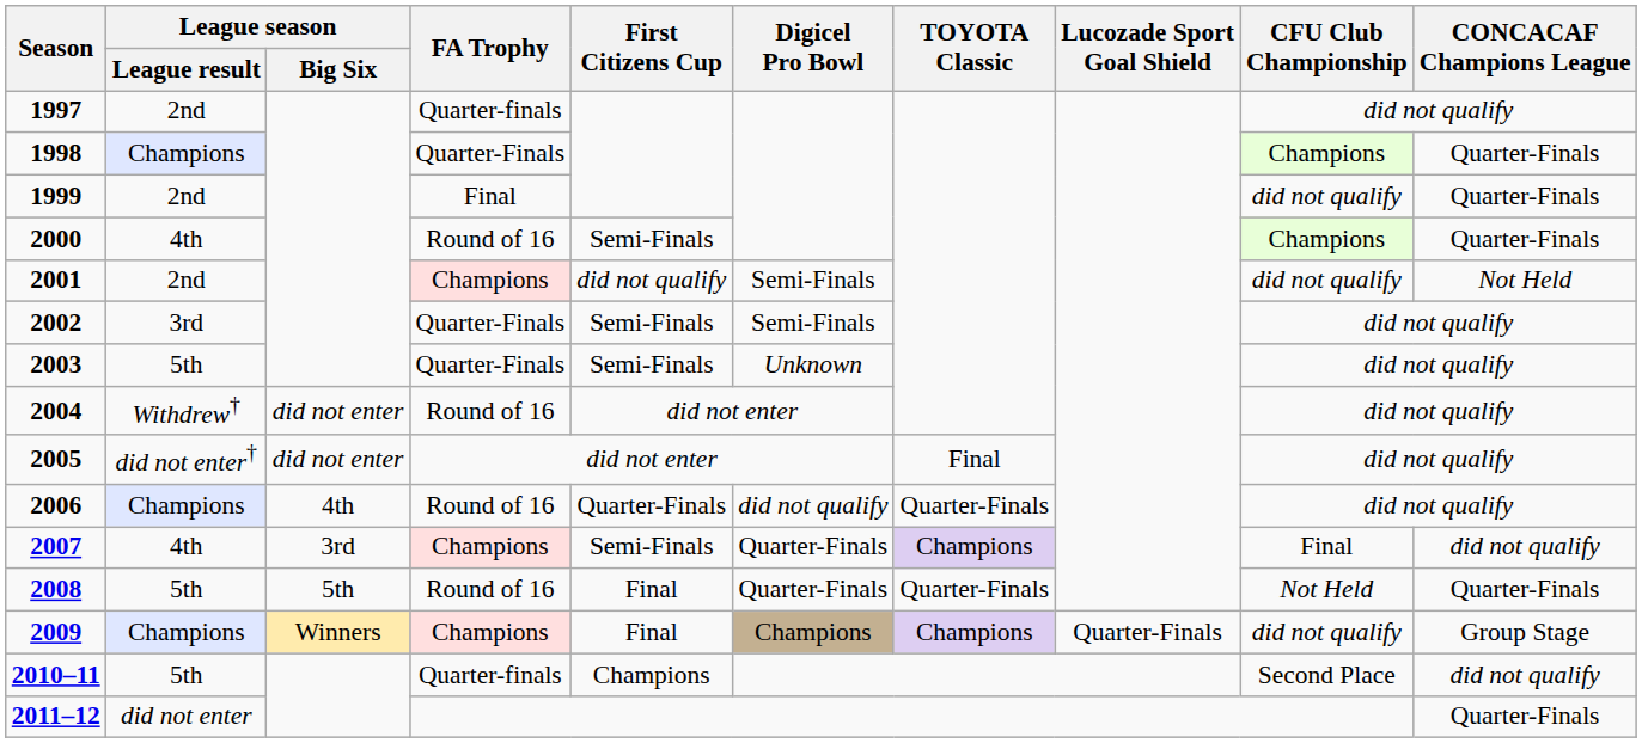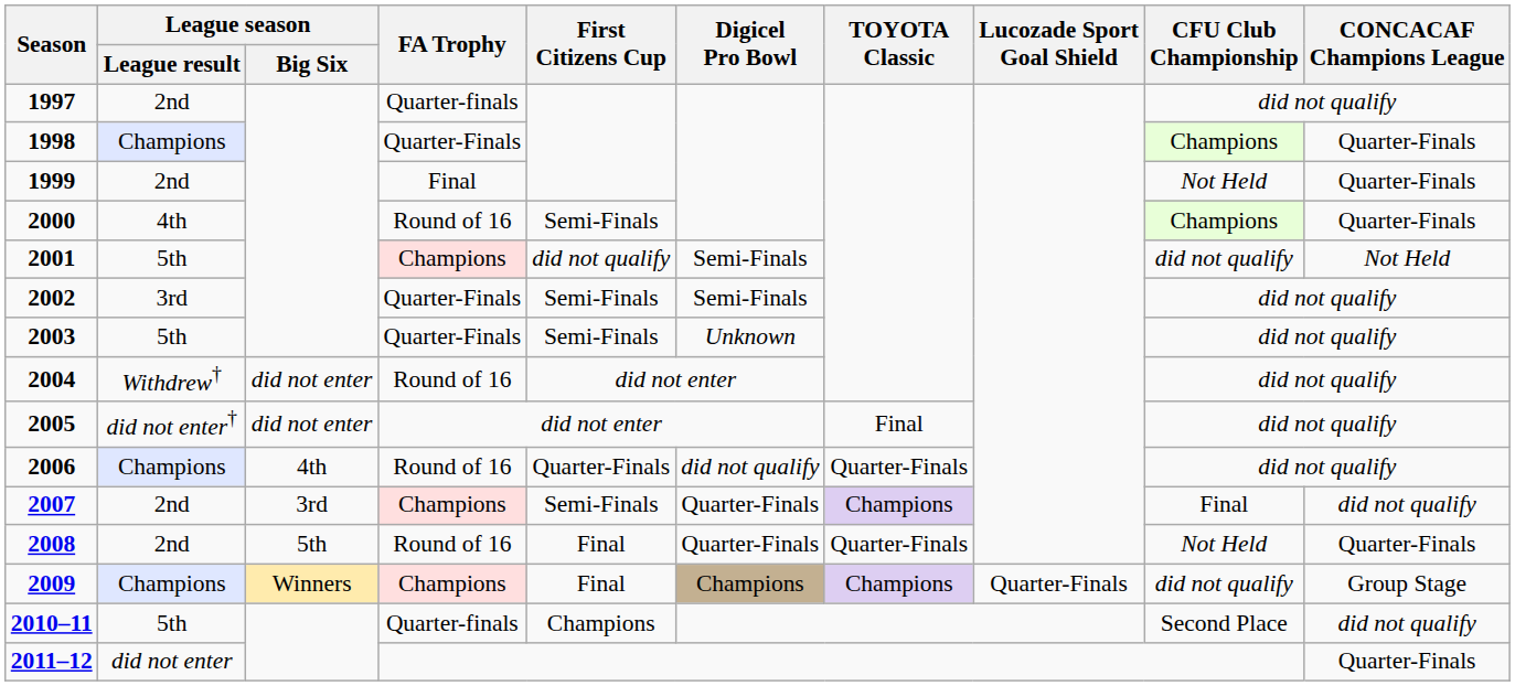 <table class="wikitable" style="text-align:center; font-size:90%;">
 <tr>
 <th rowspan=2><strong>Season</strong></th>
 <th colspan=2><strong>League season</strong></th>
 <th rowspan=2><strong>FA Trophy</strong></th>
 <th rowspan=2><strong>First<br>Citizens Cup</strong></th>
 <th rowspan=2><strong>Digicel<br>Pro Bowl</strong></th>
 <th rowspan=2><strong>TOYOTA<br>Classic</strong></th>
 <th rowspan=2><strong>Lucozade Sport<br>Goal Shield</strong></th>
 <th rowspan=2><strong>CFU Club<br>Championship</strong></th>
 <th rowspan=2><strong>CONCACAF<br>Champions League</strong></th>
 </tr>
 <tr>
 <th>League result</th>
 <th>Big Six</th>
 </tr>
 <tr>
 <td><strong>1997</strong></td>
 <td rowspan=1>2nd</td>
 <td rowspan=7></td>
 <td>Quarter-finals</td>
 <td rowspan=3></td>
 <td rowspan=4></td>
 <td rowspan=8></td>
 <td rowspan=12></td>
 <td colspan=2><em>did not qualify</em></td>
 </tr>
 <tr>
 <td><strong>1998</strong></td>
 <td bgcolor="#DFE7FF">Champions</td>
 <td>Quarter-Finals</td>
 <td bgcolor="#E8FFD8">Champions</td>
 <td>Quarter-Finals</td>
 </tr>
 <tr>
 <td><strong>1999</strong></td>
 <td>2nd</td>
 <td>Final</td>
-<td><em>did not qualify</em></td>
+<td><em>Not Held</em></td>
 <td>Quarter-Finals</td>
 </tr>
 <tr>
 <td><strong>2000</strong></td>
 <td>4th</td>
 <td>Round of 16</td>
 <td>Semi-Finals</td>
 <td bgcolor="#E8FFD8">Champions</td>
 <td>Quarter-Finals</td>
 </tr>
 <tr>
 <td><strong>2001</strong></td>
-<td>2nd</td>
+<td>5th</td>
 <td bgcolor="#FFDFDF">Champions</td>
 <td><em>did not qualify</em></td>
 <td>Semi-Finals</td>
 <td><em>did not qualify</em></td>
 <td><em>Not Held</em></td>
 </tr>
 <tr>
 <td><strong>2002</strong></td>
 <td>3rd</td>
 <td>Quarter-Finals</td>
 <td>Semi-Finals</td>
 <td>Semi-Finals</td>
 <td colspan=2><em>did not qualify</em></td>
 </tr>
 <tr>
 <td><strong>2003</strong></td>
 <td>5th</td>
 <td>Quarter-Finals</td>
 <td>Semi-Finals</td>
 <td><em>Unknown</em></td>
 <td colspan=2><em>did not qualify</em></td>
 </tr>
 <tr>
 <td><strong>2004</strong></td>
 <td><em>Withdrew</em><sup>†</sup></td>
 <td><em>did not enter</em></td>
 <td>Round of 16</td>
 <td colspan=2><em>did not enter</em></td>
 <td colspan=2><em>did not qualify</em></td>
 </tr>
 <tr>
 <td><strong>2005</strong></td>
 <td><em>did not enter</em><sup>†</sup></td>
 <td><em>did not enter</em></td>
 <td colspan=3><em>did not enter</em></td>
 <td>Final</td>
 <td colspan=2><em>did not qualify</em></td>
 </tr>
 <tr>
 <td><strong>2006</strong></td>
 <td bgcolor="#DFE7FF">Champions</td>
 <td>4th</td>
 <td>Round of 16</td>
 <td>Quarter-Finals</td>
 <td><em>did not qualify</em></td>
 <td>Quarter-Finals</td>
 <td colspan=2><em>did not qualify</em></td>
 </tr>
 <tr>
 <td><strong><a href='#'>2007</a></strong></td>
-<td>4th</td>
+<td>2nd</td>
 <td>3rd</td>
 <td bgcolor="#FFDFDF">Champions</td>
 <td>Semi-Finals</td>
 <td>Quarter-Finals</td>
 <td bgcolor="#DDCEF2">Champions</td>
 <td>Final</td>
 <td><em>did not qualify</em></td>
 </tr>
 <tr>
 <td><strong><a href='#'>2008</a></strong></td>
-<td>5th</td>
+<td>2nd</td>
 <td>5th</td>
 <td>Round of 16</td>
 <td>Final</td>
 <td>Quarter-Finals</td>
 <td>Quarter-Finals</td>
 <td><em>Not Held</em></td>
 <td>Quarter-Finals</td>
 </tr>
 <tr>
 <td><strong><a href='#'>2009</a></strong></td>
 <td bgcolor="DFE7FF">Champions</td>
 <td bgcolor="#FFEBAD">Winners</td>
 <td bgcolor="#FFDFDF">Champions</td>
 <td>Final</td>
 <td bgcolor="#C3B091">Champions</td>
 <td bgcolor="#DDCEF2">Champions</td>
 <td>Quarter-Finals</td>
 <td><em>did not qualify</em></td>
 <td>Group Stage</td>
 </tr>
 <tr>
 <td><strong><a href='#'>2010–11</a></strong></td>
 <td>5th</td>
 <td rowspan=2></td>
 <td>Quarter-finals</td>
 <td>Champions</td>
 <td colspan=3 style="border-bottom:0px;"></td>
 <td>Second Place</td>
 <td><em>did not qualify</em></td>
 </tr>
 <tr>
 <td><strong><a href='#'>2011–12</a></strong></td>
 <td><em>did not enter</em></td>
 <td colspan=6 style="border-bottom:0px;"></td>
 <td>Quarter-Finals</td>
 </tr>
 </table>
